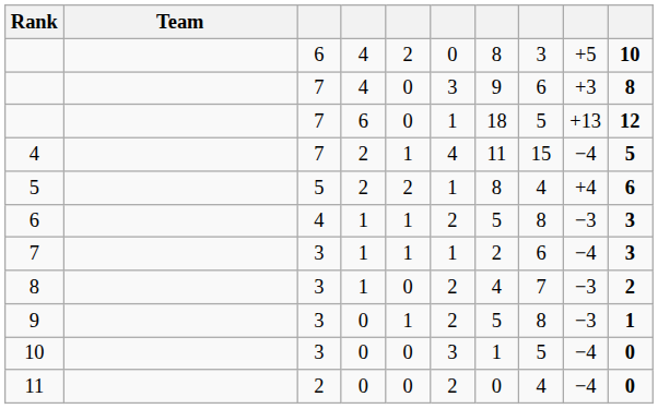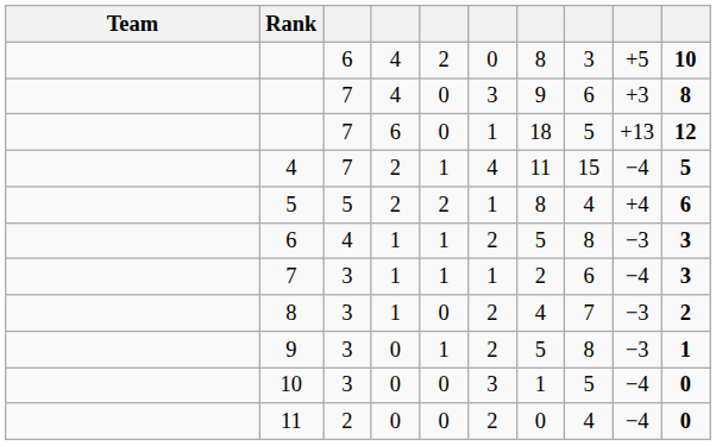 <table class="wikitable" style="text-align: center; font-size:90% ">
 <tr>
+<th width=160>Team</th>
 <th width=35>Rank</th>
-<th width=160>Team</th>
 <th width=25></th>
 <th width=25></th>
 <th width=25></th>
 <th width=25></th>
 <th width=25></th>
 <th width=25></th>
 <th width=25></th>
 <th width=25></th>
 </tr>
 <tr>
+<td align=left></td>
 <td></td>
-<td align=left></td>
 <td>6</td>
 <td>4</td>
 <td>2</td>
 <td>0</td>
 <td>8</td>
 <td>3</td>
 <td>+5</td>
 <td><strong>10</strong></td>
 </tr>
 <tr>
+<td align=left></td>
 <td></td>
-<td align=left></td>
 <td>7</td>
 <td>4</td>
 <td>0</td>
 <td>3</td>
 <td>9</td>
 <td>6</td>
 <td>+3</td>
 <td><strong>8</strong></td>
 </tr>
 <tr>
+<td align=left></td>
 <td></td>
-<td align=left></td>
 <td>7</td>
 <td>6</td>
 <td>0</td>
 <td>1</td>
 <td>18</td>
 <td>5</td>
 <td>+13</td>
 <td><strong>12</strong></td>
 </tr>
 <tr>
+<td align=left></td>
 <td>4</td>
-<td align=left></td>
 <td>7</td>
 <td>2</td>
 <td>1</td>
 <td>4</td>
 <td>11</td>
 <td>15</td>
 <td>−4</td>
 <td><strong>5</strong></td>
 </tr>
 <tr>
+<td align=left></td>
 <td>5</td>
-<td align=left></td>
 <td>5</td>
 <td>2</td>
 <td>2</td>
 <td>1</td>
 <td>8</td>
 <td>4</td>
 <td>+4</td>
 <td><strong>6</strong></td>
 </tr>
 <tr>
+<td align=left></td>
 <td>6</td>
-<td align=left></td>
 <td>4</td>
 <td>1</td>
 <td>1</td>
 <td>2</td>
 <td>5</td>
 <td>8</td>
 <td>−3</td>
 <td><strong>3</strong></td>
 </tr>
 <tr>
+<td align=left></td>
 <td>7</td>
-<td align=left></td>
 <td>3</td>
 <td>1</td>
 <td>1</td>
 <td>1</td>
 <td>2</td>
 <td>6</td>
 <td>−4</td>
 <td><strong>3</strong></td>
 </tr>
 <tr>
+<td align=left></td>
 <td>8</td>
-<td align=left></td>
 <td>3</td>
 <td>1</td>
 <td>0</td>
 <td>2</td>
 <td>4</td>
 <td>7</td>
 <td>−3</td>
 <td><strong>2</strong></td>
 </tr>
 <tr>
+<td align=left></td>
 <td>9</td>
-<td align=left></td>
 <td>3</td>
 <td>0</td>
 <td>1</td>
 <td>2</td>
 <td>5</td>
 <td>8</td>
 <td>−3</td>
 <td><strong>1</strong></td>
 </tr>
 <tr>
+<td align=left></td>
 <td>10</td>
-<td align=left></td>
 <td>3</td>
 <td>0</td>
 <td>0</td>
 <td>3</td>
 <td>1</td>
 <td>5</td>
 <td>−4</td>
 <td><strong>0</strong></td>
 </tr>
 <tr>
+<td align=left></td>
 <td>11</td>
-<td align=left></td>
 <td>2</td>
 <td>0</td>
 <td>0</td>
 <td>2</td>
 <td>0</td>
 <td>4</td>
 <td>−4</td>
 <td><strong>0</strong></td>
 </tr>
 </table>
